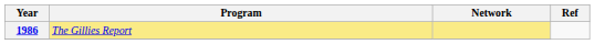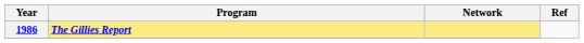 <table class="wikitable sortable">
 <tr style="background:#bebebe;">
 <th scope="col" style="width:1%;">Year</th>
 <th scope="col" style="width:16%;">Program</th>
 <th scope="col" style="width:4%;">Network</th>
 <th scope="col" style="width:1%;" class="unsortable">Ref</th>
 </tr>
 <tr>
 <th scope="row" style="text-align:center"><a href='#'>1986</a></th>
-<td style="background:#FAEB86"><em><a href='#'>The Gillies Report</a></em></td>
+<td style="background:#FAEB86"><strong><em><a href='#'>The Gillies Report</a></em></strong></td>
 <td style="background:#FAEB86"></td>
 <td rowspan="3"></td>
 </tr>
 <tr>
 </tr>
 </table>
